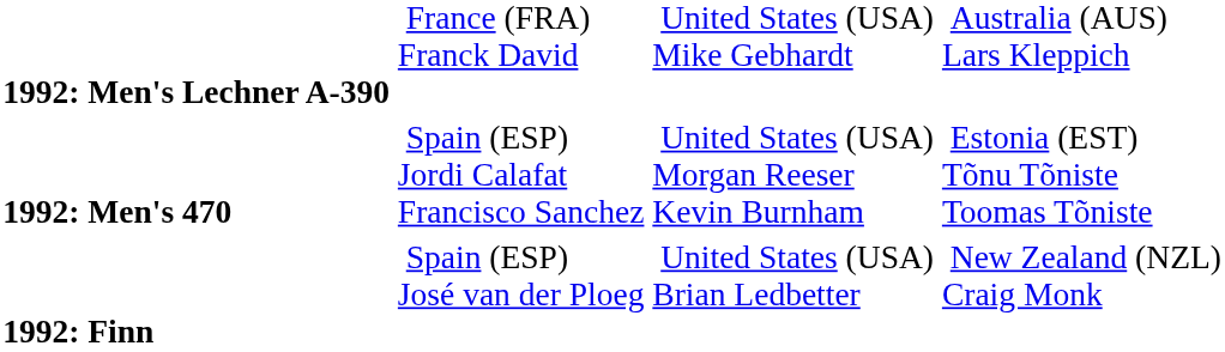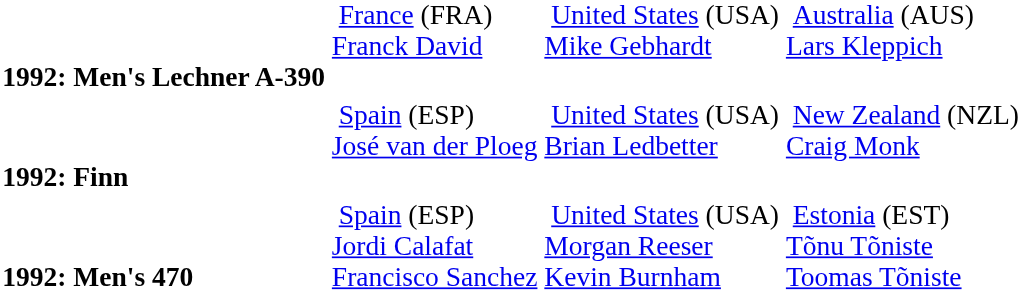 <table>
 <tr>
 <td style="align:center;"><br><br><strong>1992: Men's Lechner A-390</strong> <br></td>
 <td style="vertical-align:top;"> <a href='#'>France</a> <span>(FRA)</span><br><a href='#'>Franck David</a></td>
 <td style="vertical-align:top;"> <a href='#'>United States</a> <span>(USA)</span><br><a href='#'>Mike Gebhardt</a></td>
 <td style="vertical-align:top;"> <a href='#'>Australia</a> <span>(AUS)</span><br><a href='#'>Lars Kleppich</a></td>
 </tr>
 <tr>
+<td style="align:center;"><br><br><strong>1992: Finn</strong> <br></td>
+<td style="vertical-align:top;"> <a href='#'>Spain</a> <span>(ESP)</span><br><a href='#'>José van der Ploeg</a></td>
+<td style="vertical-align:top;"> <a href='#'>United States</a> <span>(USA)</span><br><a href='#'>Brian Ledbetter</a></td>
+<td style="vertical-align:top;"> <a href='#'>New Zealand</a> <span>(NZL)</span><br><a href='#'>Craig Monk</a></td>
+</tr>
+<tr>
 <td style="align:center;"><br><br><strong>1992: Men's 470</strong> <br></td>
 <td style="vertical-align:top;"> <a href='#'>Spain</a> <span>(ESP)</span><br><a href='#'>Jordi Calafat</a><br><a href='#'>Francisco Sanchez</a></td>
 <td style="vertical-align:top;"> <a href='#'>United States</a> <span>(USA)</span><br><a href='#'>Morgan Reeser</a><br><a href='#'>Kevin Burnham</a></td>
 <td style="vertical-align:top;"> <a href='#'>Estonia</a> <span>(EST)</span><br><a href='#'>Tõnu Tõniste</a><br><a href='#'>Toomas Tõniste</a></td>
 </tr>
-<tr>
-<td style="align:center;"><br><br><strong>1992: Finn</strong> <br></td>
-<td style="vertical-align:top;"> <a href='#'>Spain</a> <span>(ESP)</span><br><a href='#'>José van der Ploeg</a></td>
-<td style="vertical-align:top;"> <a href='#'>United States</a> <span>(USA)</span><br><a href='#'>Brian Ledbetter</a></td>
-<td style="vertical-align:top;"> <a href='#'>New Zealand</a> <span>(NZL)</span><br><a href='#'>Craig Monk</a></td>
-</tr>
 </table>
